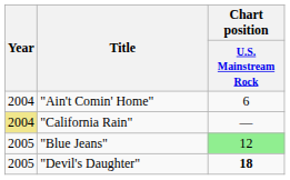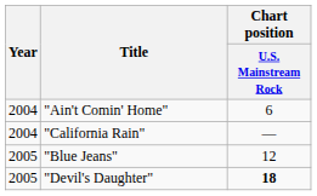 <table class="wikitable sortable">
 <tr>
 <th rowspan="2">Year</th>
 <th width="200" rowspan="2">Title</th>
 <th>Chart position</th>
 </tr>
 <tr>
 <th width="86"><small><a href='#'>U.S. Mainstream Rock</a></small></th>
 </tr>
 <tr>
 <td>2004</td>
 <td>"Ain't Comin' Home"</td>
 <td align="center">6</td>
 </tr>
 <tr>
-<td style="background: khaki;">2004</td>
+<td>2004</td>
 <td>"California Rain"</td>
 <td align="center">—</td>
 </tr>
 <tr>
 <td>2005</td>
 <td>"Blue Jeans"</td>
-<td align="center" style="background: lightgreen;">12</td>
+<td align="center">12</td>
 </tr>
 <tr>
 <td>2005</td>
 <td>"Devil's Daughter"</td>
 <td align="center"><strong>18</strong></td>
 </tr>
 </table>
